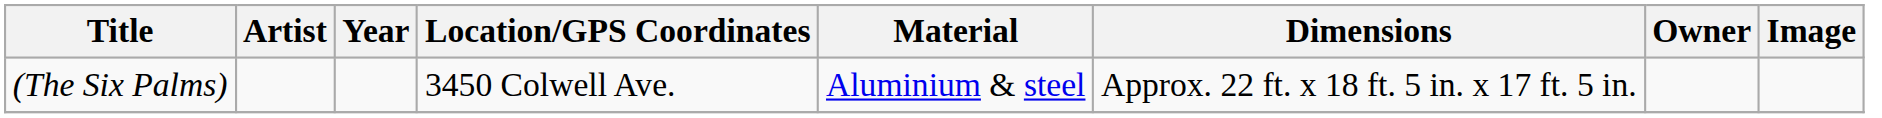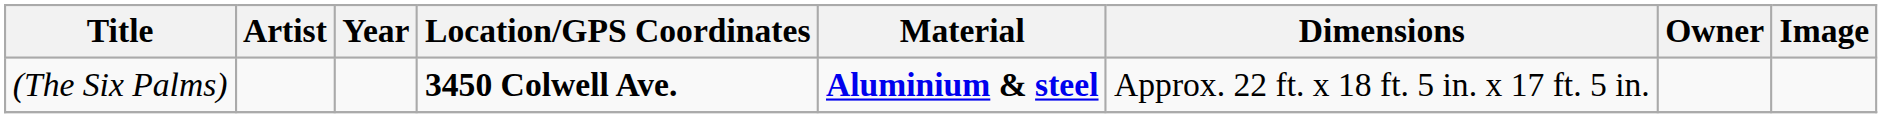 <table class="wikitable sortable">
 <tr>
 <th>Title</th>
 <th>Artist</th>
 <th>Year</th>
 <th>Location/GPS Coordinates</th>
 <th>Material</th>
 <th>Dimensions</th>
 <th>Owner</th>
 <th>Image</th>
 </tr>
 <tr>
 <td><em>(The Six Palms)</em></td>
 <td></td>
 <td></td>
-<td>3450 Colwell Ave.</td>
-<td><a href='#'>Aluminium</a> & <a href='#'>steel</a></td>
+<td><strong>3450 Colwell Ave.</strong></td>
+<td><strong><a href='#'>Aluminium</a> & <a href='#'>steel</a></strong></td>
 <td>Approx. 22 ft. x 18 ft. 5 in. x 17 ft. 5 in.</td>
 <td></td>
 <td></td>
 </tr>
 <tr>
 </tr>
 </table>
